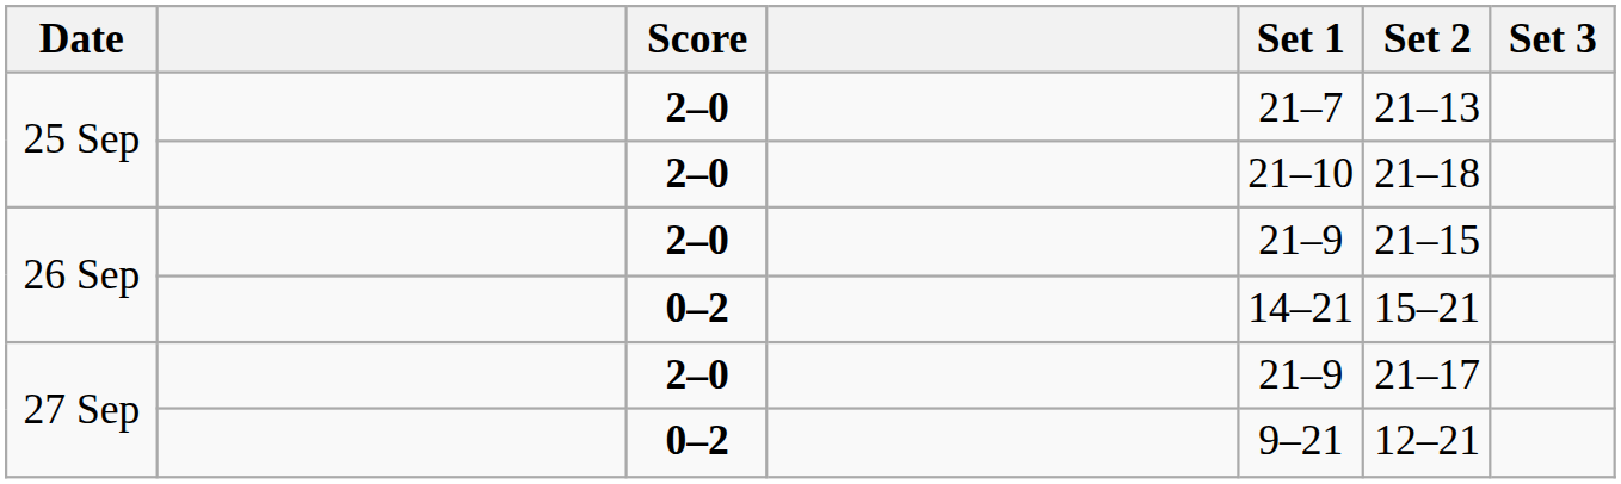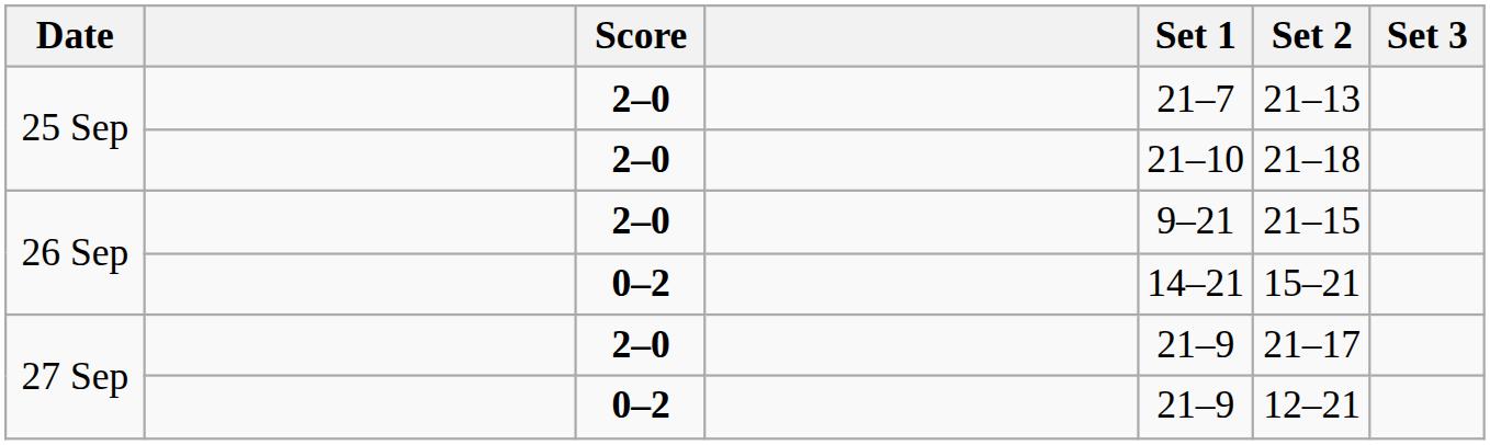 <table class="wikitable" style="text-align: center;">
 <tr>
 <th width="60">Date</th>
 <th align="right" width="270"></th>
 <th width="50">Score</th>
 <th align="left" width="270"></th>
 <th width="50">Set 1</th>
 <th width="50">Set 2</th>
 <th width="50">Set 3</th>
 </tr>
 <tr>
 <td rowspan=2>25 Sep</td>
 <td align=left><strong></strong></td>
 <td align=center><strong>2–0</strong></td>
 <td align=left></td>
 <td>21–7</td>
 <td>21–13</td>
 <td></td>
 </tr>
 <tr>
 <td align=left><strong></strong></td>
 <td align=center><strong>2–0</strong></td>
 <td align=left></td>
 <td>21–10</td>
 <td>21–18</td>
 <td></td>
 </tr>
 <tr>
 <td rowspan=2>26 Sep</td>
 <td align=left><strong></strong></td>
 <td align=center><strong>2–0</strong></td>
 <td align=left></td>
-<td>21–9</td>
+<td>9–21</td>
 <td>21–15</td>
 <td></td>
 </tr>
 <tr>
 <td align=left></td>
 <td align=center><strong>0–2</strong></td>
 <td align=left><strong></strong></td>
 <td>14–21</td>
 <td>15–21</td>
 <td></td>
 </tr>
 <tr>
 <td rowspan=2>27 Sep</td>
 <td align=left><strong></strong></td>
 <td align=center><strong>2–0</strong></td>
 <td align=left></td>
 <td>21–9</td>
 <td>21–17</td>
 <td></td>
 </tr>
 <tr>
 <td align=left></td>
 <td align=center><strong>0–2</strong></td>
 <td align=left><strong></strong></td>
-<td>9–21</td>
+<td>21–9</td>
 <td>12–21</td>
 <td></td>
 </tr>
 </table>
